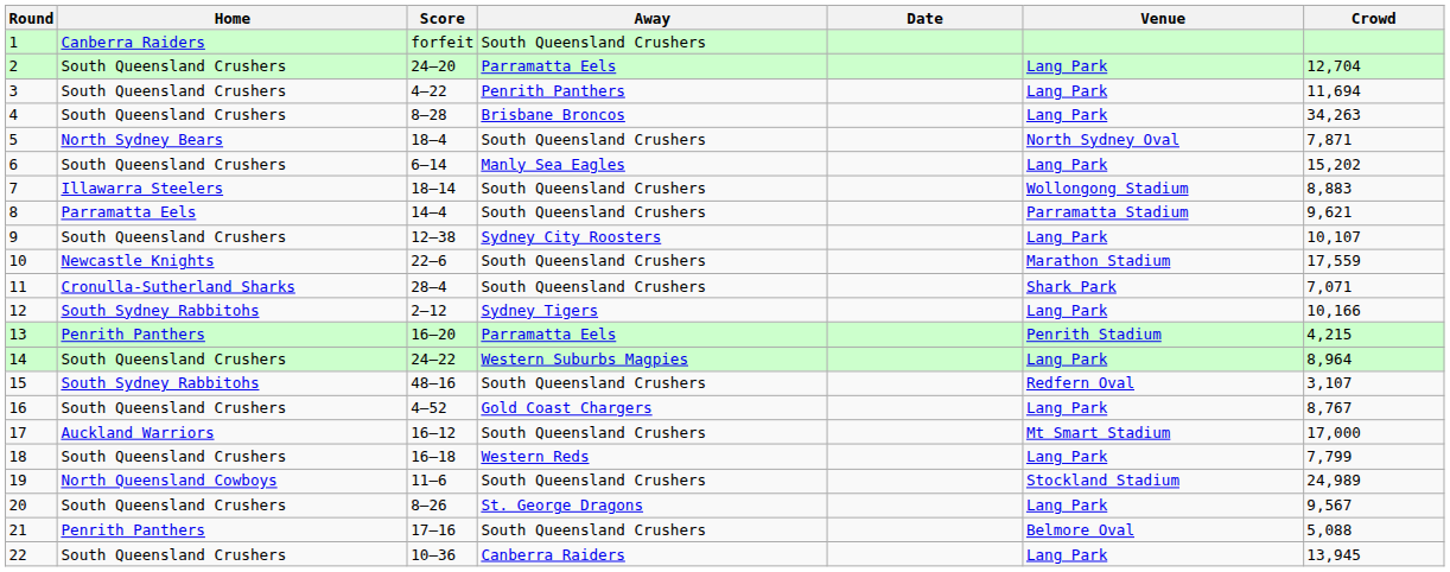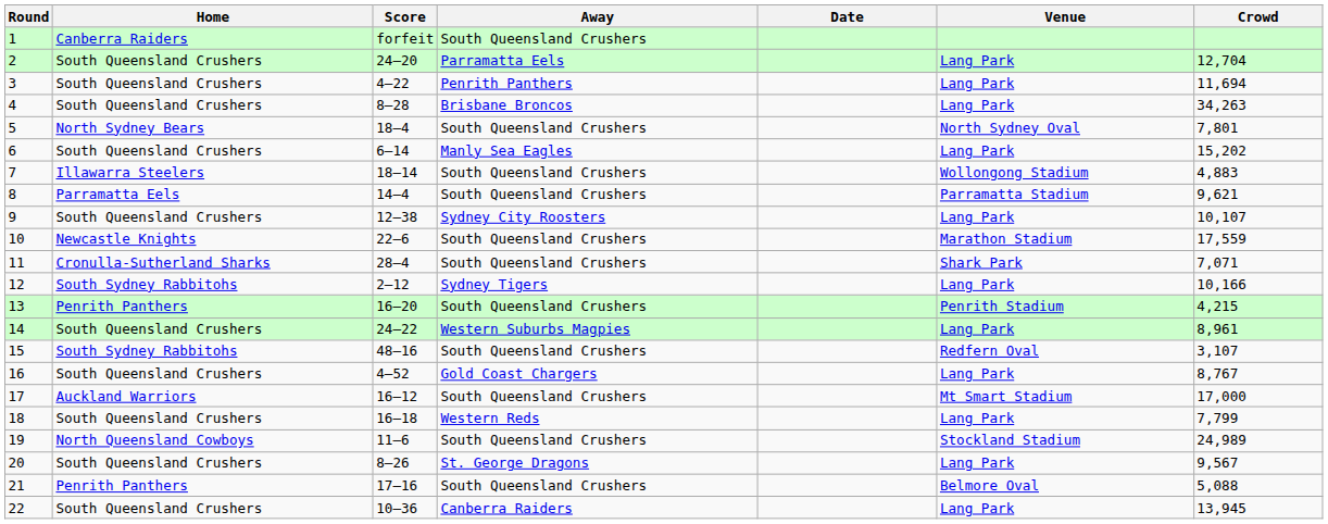 <table class="wikitable sortable">
 <tr>
 <th width=2%>Round</th>
 <th width=25%>Home</th>
 <th width=4%>Score</th>
 <th width=25%>Away</th>
 <th width=14%>Date</th>
 <th width=20%>Venue</th>
 <th width=10%>Crowd</th>
 </tr>
 <tr bgcolor=#ccffcc>
 <td>1</td>
 <td align=left><a href='#'>Canberra Raiders</a></td>
 <td>forfeit</td>
 <td align=left>South Queensland Crushers</td>
 <td></td>
 <td></td>
 <td></td>
 </tr>
 <tr bgcolor=#ccffcc>
 <td>2</td>
 <td align=left>South Queensland Crushers</td>
 <td>24–20</td>
 <td align=left><a href='#'>Parramatta Eels</a></td>
 <td></td>
 <td><a href='#'>Lang Park</a></td>
 <td>12,704</td>
 </tr>
 <tr>
 <td>3</td>
 <td align=left>South Queensland Crushers</td>
 <td>4–22</td>
 <td align=left><a href='#'>Penrith Panthers</a></td>
 <td></td>
 <td><a href='#'>Lang Park</a></td>
 <td>11,694</td>
 </tr>
 <tr>
 <td>4</td>
 <td align=left>South Queensland Crushers</td>
 <td>8–28</td>
 <td align=left><a href='#'>Brisbane Broncos</a></td>
 <td></td>
 <td><a href='#'>Lang Park</a></td>
 <td>34,263</td>
 </tr>
 <tr>
 <td>5</td>
 <td align=left><a href='#'>North Sydney Bears</a></td>
 <td>18–4</td>
 <td align=left>South Queensland Crushers</td>
 <td></td>
 <td><a href='#'>North Sydney Oval</a></td>
-<td>7,871</td>
+<td>7,801</td>
 </tr>
 <tr>
 <td>6</td>
 <td align=left>South Queensland Crushers</td>
 <td>6–14</td>
 <td align=left><a href='#'>Manly Sea Eagles</a></td>
 <td></td>
 <td><a href='#'>Lang Park</a></td>
 <td>15,202</td>
 </tr>
 <tr>
 <td>7</td>
 <td align=left><a href='#'>Illawarra Steelers</a></td>
 <td>18–14</td>
 <td align=left>South Queensland Crushers</td>
 <td></td>
 <td><a href='#'>Wollongong Stadium</a></td>
-<td>8,883</td>
+<td>4,883</td>
 </tr>
 <tr>
 <td>8</td>
 <td align=left><a href='#'>Parramatta Eels</a></td>
 <td>14–4</td>
 <td align=left>South Queensland Crushers</td>
 <td></td>
 <td><a href='#'>Parramatta Stadium</a></td>
 <td>9,621</td>
 </tr>
 <tr>
 <td>9</td>
 <td align=left>South Queensland Crushers</td>
 <td>12–38</td>
 <td align=left><a href='#'>Sydney City Roosters</a></td>
 <td></td>
 <td><a href='#'>Lang Park</a></td>
 <td>10,107</td>
 </tr>
 <tr>
 <td>10</td>
 <td align=left><a href='#'>Newcastle Knights</a></td>
 <td>22–6</td>
 <td align=left>South Queensland Crushers</td>
 <td></td>
 <td><a href='#'>Marathon Stadium</a></td>
 <td>17,559</td>
 </tr>
 <tr>
 <td>11</td>
 <td align=left><a href='#'>Cronulla-Sutherland Sharks</a></td>
 <td>28–4</td>
 <td align=left>South Queensland Crushers</td>
 <td></td>
 <td><a href='#'>Shark Park</a></td>
 <td>7,071</td>
 </tr>
 <tr>
 <td>12</td>
 <td align=left><a href='#'>South Sydney Rabbitohs</a></td>
 <td>2–12</td>
 <td align=left><a href='#'>Sydney Tigers</a></td>
 <td></td>
 <td><a href='#'>Lang Park</a></td>
 <td>10,166</td>
 </tr>
 <tr bgcolor=#ccffcc>
 <td>13</td>
 <td align=left><a href='#'>Penrith Panthers</a></td>
 <td>16–20</td>
-<td align=left><a href='#'>Parramatta Eels</a></td>
+<td align=left>South Queensland Crushers</td>
 <td></td>
 <td><a href='#'>Penrith Stadium</a></td>
 <td>4,215</td>
 </tr>
 <tr bgcolor=#ccffcc>
 <td>14</td>
 <td align=left>South Queensland Crushers</td>
 <td>24–22</td>
 <td align=left><a href='#'>Western Suburbs Magpies</a></td>
 <td></td>
 <td><a href='#'>Lang Park</a></td>
-<td>8,964</td>
+<td>8,961</td>
 </tr>
 <tr>
 <td>15</td>
 <td align=left><a href='#'>South Sydney Rabbitohs</a></td>
 <td>48–16</td>
 <td align=left>South Queensland Crushers</td>
 <td></td>
 <td><a href='#'>Redfern Oval</a></td>
 <td>3,107</td>
 </tr>
 <tr>
 <td>16</td>
 <td align=left>South Queensland Crushers</td>
 <td>4–52</td>
 <td align=left><a href='#'>Gold Coast Chargers</a></td>
 <td></td>
 <td><a href='#'>Lang Park</a></td>
 <td>8,767</td>
 </tr>
 <tr>
 <td>17</td>
 <td align=left><a href='#'>Auckland Warriors</a></td>
 <td>16–12</td>
 <td align=left>South Queensland Crushers</td>
 <td></td>
 <td><a href='#'>Mt Smart Stadium</a></td>
 <td>17,000</td>
 </tr>
 <tr>
 <td>18</td>
 <td align=left>South Queensland Crushers</td>
 <td>16–18</td>
 <td align=left><a href='#'>Western Reds</a></td>
 <td></td>
 <td><a href='#'>Lang Park</a></td>
 <td>7,799</td>
 </tr>
 <tr>
 <td>19</td>
 <td align=left><a href='#'>North Queensland Cowboys</a></td>
 <td>11–6</td>
 <td align=left>South Queensland Crushers</td>
 <td></td>
 <td><a href='#'>Stockland Stadium</a></td>
 <td>24,989</td>
 </tr>
 <tr>
 <td>20</td>
 <td align=left>South Queensland Crushers</td>
 <td>8–26</td>
 <td align=left><a href='#'>St. George Dragons</a></td>
 <td></td>
 <td><a href='#'>Lang Park</a></td>
 <td>9,567</td>
 </tr>
 <tr>
 <td>21</td>
 <td align=left><a href='#'>Penrith Panthers</a></td>
 <td>17–16</td>
 <td align=left>South Queensland Crushers</td>
 <td></td>
 <td><a href='#'>Belmore Oval</a></td>
 <td>5,088</td>
 </tr>
 <tr>
 <td>22</td>
 <td align=left>South Queensland Crushers</td>
 <td>10–36</td>
 <td align=left><a href='#'>Canberra Raiders</a></td>
 <td></td>
 <td><a href='#'>Lang Park</a></td>
 <td>13,945</td>
 </tr>
 </table>
